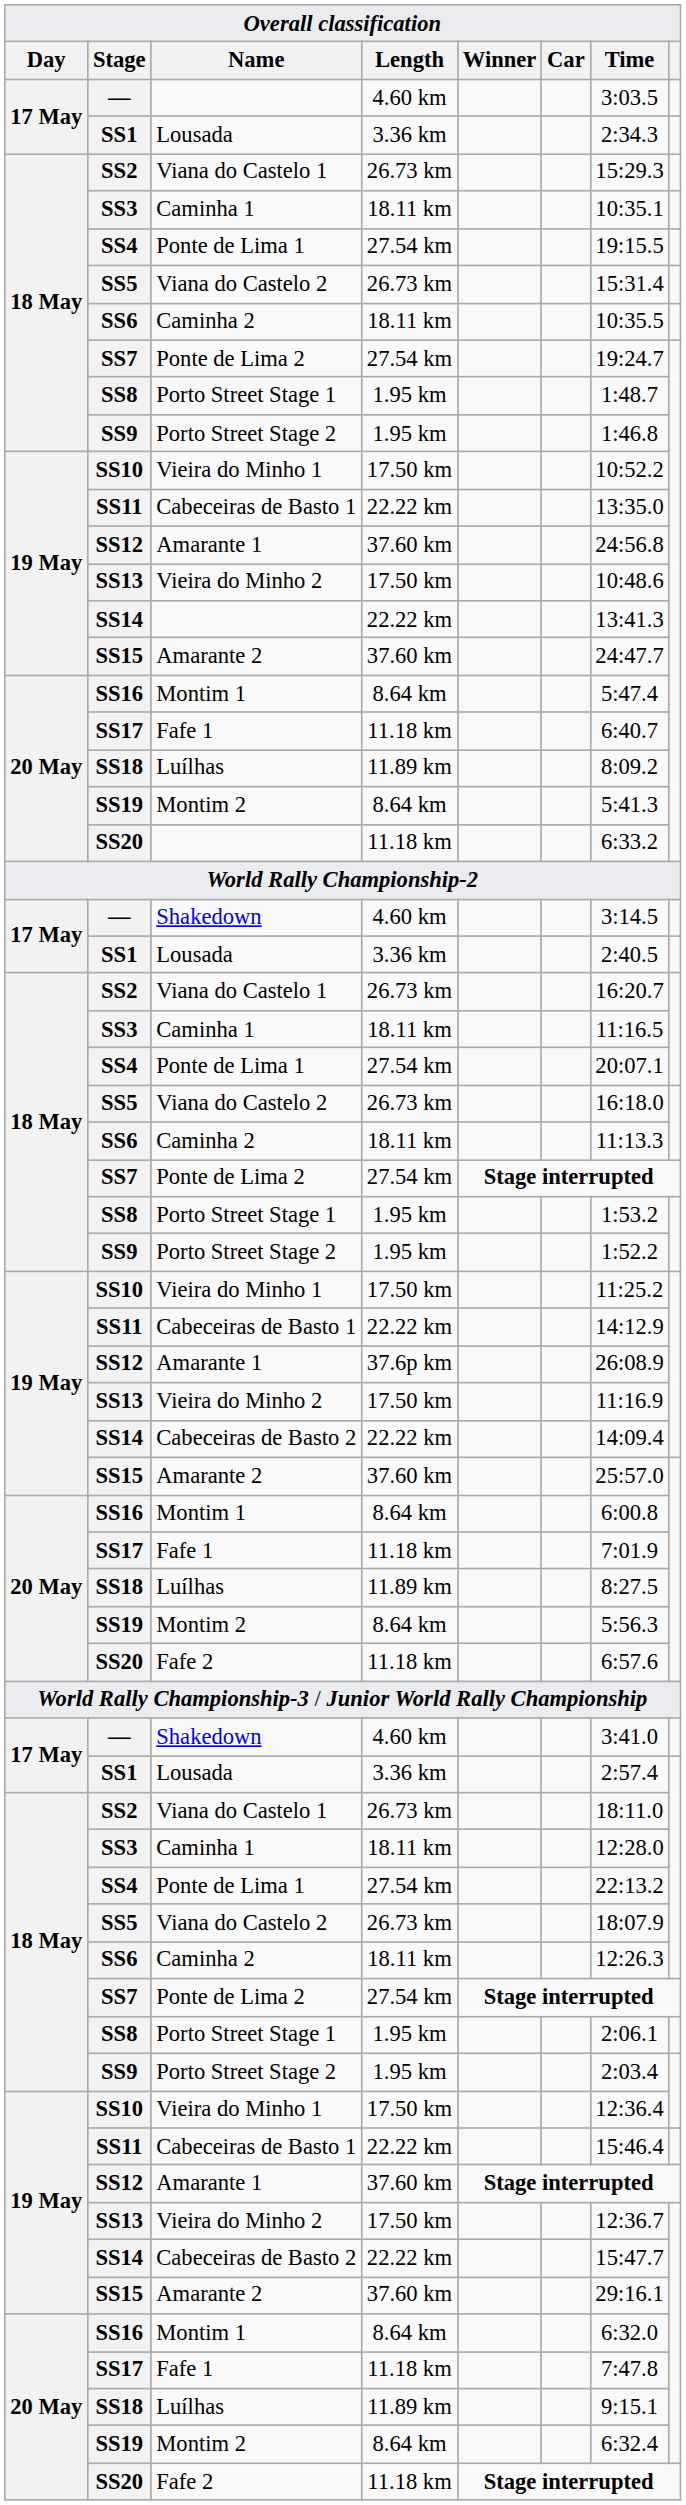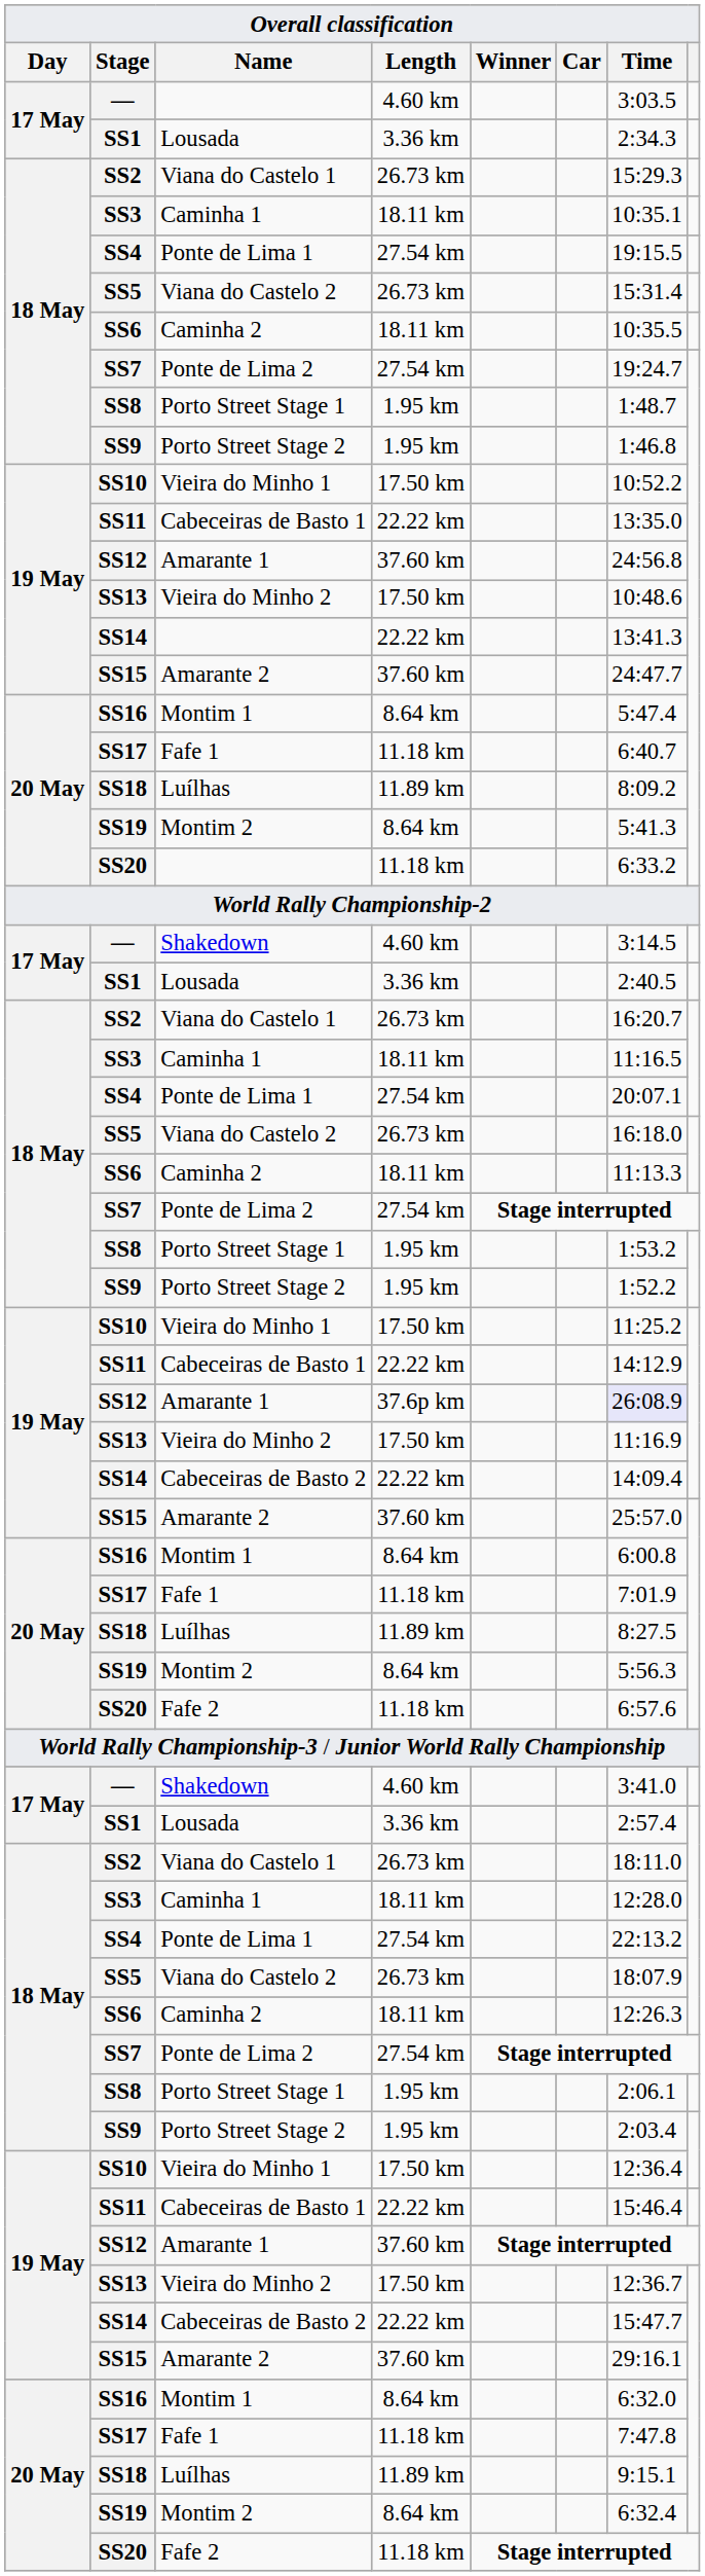 <table class="wikitable" style="font-size: 85%;">
 <tr>
 <td style="background-color:#EAECF0; text-align:center" colspan="8"><strong><em>Overall classification</em></strong></td>
 </tr>
 <tr>
 <th>Day</th>
 <th>Stage</th>
 <th>Name</th>
 <th>Length</th>
 <th>Winner</th>
 <th>Car</th>
 <th>Time</th>
 <th></th>
 </tr>
 <tr>
 <th rowspan="2">17 May</th>
 <th>—</th>
 <td></td>
 <td align="center">4.60 km</td>
 <td></td>
 <td></td>
 <td align="center">3:03.5</td>
 <td></td>
 </tr>
 <tr>
 <th>SS1</th>
 <td>Lousada</td>
 <td align="center">3.36 km</td>
 <td></td>
 <td></td>
 <td align="center">2:34.3</td>
 <td></td>
 </tr>
 <tr>
 <th rowspan="8">18 May</th>
 <th>SS2</th>
 <td>Viana do Castelo 1</td>
 <td align="center">26.73 km</td>
 <td></td>
 <td></td>
 <td align="center">15:29.3</td>
 <td></td>
 </tr>
 <tr>
 <th>SS3</th>
 <td>Caminha 1</td>
 <td align="center">18.11 km</td>
 <td></td>
 <td></td>
 <td align="center">10:35.1</td>
 <td></td>
 </tr>
 <tr>
 <th>SS4</th>
 <td>Ponte de Lima 1</td>
 <td align="center">27.54 km</td>
 <td></td>
 <td></td>
 <td align="center">19:15.5</td>
 <td></td>
 </tr>
 <tr>
 <th>SS5</th>
 <td>Viana do Castelo 2</td>
 <td align="center">26.73 km</td>
 <td></td>
 <td></td>
 <td align="center">15:31.4</td>
 <td></td>
 </tr>
 <tr>
 <th>SS6</th>
 <td>Caminha 2</td>
 <td align="center">18.11 km</td>
 <td> <br> </td>
 <td> <br> </td>
 <td align="center">10:35.5</td>
 <td></td>
 </tr>
 <tr>
 <th>SS7</th>
 <td>Ponte de Lima 2</td>
 <td align="center">27.54 km</td>
 <td></td>
 <td></td>
 <td align="center">19:24.7</td>
 <td rowspan="14"></td>
 </tr>
 <tr>
 <th>SS8</th>
 <td>Porto Street Stage 1</td>
 <td align="center">1.95 km</td>
 <td></td>
 <td></td>
 <td align="center">1:48.7</td>
 </tr>
 <tr>
 <th>SS9</th>
 <td>Porto Street Stage 2</td>
 <td align="center">1.95 km</td>
 <td></td>
 <td></td>
 <td align="center">1:46.8</td>
 </tr>
 <tr>
 <th rowspan="6">19 May</th>
 <th>SS10</th>
 <td>Vieira do Minho 1</td>
 <td align="center">17.50 km</td>
 <td></td>
 <td></td>
 <td align="center">10:52.2</td>
 </tr>
 <tr>
 <th>SS11</th>
 <td>Cabeceiras de Basto 1</td>
 <td align="center">22.22 km</td>
 <td></td>
 <td></td>
 <td align="center">13:35.0</td>
 </tr>
 <tr>
 <th>SS12</th>
 <td>Amarante 1</td>
 <td align="center">37.60 km</td>
 <td></td>
 <td></td>
 <td align="center">24:56.8</td>
 </tr>
 <tr>
 <th>SS13</th>
 <td>Vieira do Minho 2</td>
 <td align="center">17.50 km</td>
 <td></td>
 <td></td>
 <td align="center">10:48.6</td>
 </tr>
 <tr>
 <th>SS14</th>
 <td></td>
 <td align="center">22.22 km</td>
 <td></td>
 <td></td>
 <td align="center">13:41.3</td>
 </tr>
 <tr>
 <th>SS15</th>
 <td>Amarante 2</td>
 <td align="center">37.60 km</td>
 <td></td>
 <td></td>
 <td align="center">24:47.7</td>
 </tr>
 <tr>
 <th rowspan="5">20 May</th>
 <th>SS16</th>
 <td>Montim 1</td>
 <td align="center">8.64 km</td>
 <td></td>
 <td></td>
 <td align="center">5:47.4</td>
 </tr>
 <tr>
 <th>SS17</th>
 <td>Fafe 1</td>
 <td align="center">11.18 km</td>
 <td></td>
 <td></td>
 <td align="center">6:40.7</td>
 </tr>
 <tr>
 <th>SS18</th>
 <td>Luílhas</td>
 <td align="center">11.89 km</td>
 <td></td>
 <td></td>
 <td align="center">8:09.2</td>
 </tr>
 <tr>
 <th>SS19</th>
 <td>Montim 2</td>
 <td align="center">8.64 km</td>
 <td></td>
 <td></td>
 <td align="center">5:41.3</td>
 </tr>
 <tr>
 <th>SS20</th>
 <td></td>
 <td align="center">11.18 km</td>
 <td></td>
 <td></td>
 <td align="center">6:33.2</td>
 </tr>
 <tr>
 <td style="background-color:#EAECF0; text-align:center" colspan="8"><strong><em>World Rally Championship-2</em></strong></td>
 </tr>
 <tr>
 <th rowspan="2">17 May</th>
 <th>—</th>
 <td><a href='#'>Shakedown</a></td>
 <td align="center">4.60 km</td>
 <td></td>
 <td></td>
 <td align="center">3:14.5</td>
 <td></td>
 </tr>
 <tr>
 <th>SS1</th>
 <td>Lousada</td>
 <td align="center">3.36 km</td>
 <td></td>
 <td></td>
 <td align="center">2:40.5</td>
 <td></td>
 </tr>
 <tr>
 <th rowspan="8">18 May</th>
 <th>SS2</th>
 <td>Viana do Castelo 1</td>
 <td align="center">26.73 km</td>
 <td></td>
 <td></td>
 <td align="center">16:20.7</td>
 <td rowspan="3"></td>
 </tr>
 <tr>
 <th>SS3</th>
 <td>Caminha 1</td>
 <td align="center">18.11 km</td>
 <td></td>
 <td></td>
 <td align="center">11:16.5</td>
 </tr>
 <tr>
 <th>SS4</th>
 <td>Ponte de Lima 1</td>
 <td align="center">27.54 km</td>
 <td></td>
 <td></td>
 <td align="center">20:07.1</td>
 </tr>
 <tr>
 <th>SS5</th>
 <td>Viana do Castelo 2</td>
 <td align="center">26.73 km</td>
 <td></td>
 <td></td>
 <td align="center">16:18.0</td>
 <td rowspan="2"></td>
 </tr>
 <tr>
 <th>SS6</th>
 <td>Caminha 2</td>
 <td align="center">18.11 km</td>
 <td></td>
 <td></td>
 <td align="center">11:13.3</td>
 </tr>
 <tr>
 <th>SS7</th>
 <td>Ponte de Lima 2</td>
 <td align="center">27.54 km</td>
 <td colspan="4" align="center"><strong>Stage interrupted</strong></td>
 </tr>
 <tr>
 <th>SS8</th>
 <td>Porto Street Stage 1</td>
 <td align="center">1.95 km</td>
 <td></td>
 <td></td>
 <td align="center">1:53.2</td>
 <td rowspan="2"></td>
 </tr>
 <tr>
 <th>SS9</th>
 <td>Porto Street Stage 2</td>
 <td align="center">1.95 km</td>
 <td></td>
 <td></td>
 <td align="center">1:52.2</td>
 </tr>
 <tr>
 <th rowspan="6">19 May</th>
 <th>SS10</th>
 <td>Vieira do Minho 1</td>
 <td align="center">17.50 km</td>
 <td></td>
 <td></td>
 <td align="center">11:25.2</td>
 <td rowspan="5"></td>
 </tr>
 <tr>
 <th>SS11</th>
 <td>Cabeceiras de Basto 1</td>
 <td align="center">22.22 km</td>
 <td></td>
 <td></td>
 <td align="center">14:12.9</td>
 </tr>
 <tr>
 <th>SS12</th>
 <td>Amarante 1</td>
 <td align="center">37.6p km</td>
 <td></td>
 <td></td>
-<td align="center">26:08.9</td>
+<td align="center" style="background: lavender;">26:08.9</td>
 </tr>
 <tr>
 <th>SS13</th>
 <td>Vieira do Minho 2</td>
 <td align="center">17.50 km</td>
 <td></td>
 <td></td>
 <td align="center">11:16.9</td>
 </tr>
 <tr>
 <th>SS14</th>
 <td>Cabeceiras de Basto 2</td>
 <td align="center">22.22 km</td>
 <td></td>
 <td></td>
 <td align="center">14:09.4</td>
 </tr>
 <tr>
 <th>SS15</th>
 <td>Amarante 2</td>
 <td align="center">37.60 km</td>
 <td></td>
 <td></td>
 <td align="center">25:57.0</td>
 <td rowspan="6"></td>
 </tr>
 <tr>
 <th rowspan="5">20 May</th>
 <th>SS16</th>
 <td>Montim 1</td>
 <td align="center">8.64 km</td>
 <td></td>
 <td></td>
 <td align="center">6:00.8</td>
 </tr>
 <tr>
 <th>SS17</th>
 <td>Fafe 1</td>
 <td align="center">11.18 km</td>
 <td></td>
 <td></td>
 <td align="center">7:01.9</td>
 </tr>
 <tr>
 <th>SS18</th>
 <td>Luílhas</td>
 <td align="center">11.89 km</td>
 <td></td>
 <td></td>
 <td align="center">8:27.5</td>
 </tr>
 <tr>
 <th>SS19</th>
 <td>Montim 2</td>
 <td align="center">8.64 km</td>
 <td></td>
 <td></td>
 <td align="center">5:56.3</td>
 </tr>
 <tr>
 <th>SS20</th>
 <td>Fafe 2</td>
 <td align="center">11.18 km</td>
 <td></td>
 <td></td>
 <td align="center">6:57.6</td>
 </tr>
 <tr>
 <td style="background-color:#EAECF0; text-align:center" colspan="8"><strong><em>World Rally Championship-3</em></strong> / <strong><em>Junior World Rally Championship</em></strong></td>
 </tr>
 <tr>
 <th rowspan="2">17 May</th>
 <th>—</th>
 <td><a href='#'>Shakedown</a></td>
 <td align="center">4.60 km</td>
 <td></td>
 <td></td>
 <td align="center">3:41.0</td>
 <td></td>
 </tr>
 <tr>
 <th>SS1</th>
 <td>Lousada</td>
 <td align="center">3.36 km</td>
 <td></td>
 <td></td>
 <td align="center">2:57.4</td>
 <td rowspan="6"></td>
 </tr>
 <tr>
 <th rowspan="8">18 May</th>
 <th>SS2</th>
 <td>Viana do Castelo 1</td>
 <td align="center">26.73 km</td>
 <td></td>
 <td></td>
 <td align="center">18:11.0</td>
 </tr>
 <tr>
 <th>SS3</th>
 <td>Caminha 1</td>
 <td align="center">18.11 km</td>
 <td></td>
 <td></td>
 <td align="center">12:28.0</td>
 </tr>
 <tr>
 <th>SS4</th>
 <td>Ponte de Lima 1</td>
 <td align="center">27.54 km</td>
 <td></td>
 <td></td>
 <td align="center">22:13.2</td>
 </tr>
 <tr>
 <th>SS5</th>
 <td>Viana do Castelo 2</td>
 <td align="center">26.73 km</td>
 <td></td>
 <td></td>
 <td align="center">18:07.9</td>
 </tr>
 <tr>
 <th>SS6</th>
 <td>Caminha 2</td>
 <td align="center">18.11 km</td>
 <td></td>
 <td></td>
 <td align="center">12:26.3</td>
 </tr>
 <tr>
 <th>SS7</th>
 <td>Ponte de Lima 2</td>
 <td align="center">27.54 km</td>
 <td colspan="4" align="center"><strong>Stage interrupted</strong></td>
 </tr>
 <tr>
 <th>SS8</th>
 <td>Porto Street Stage 1</td>
 <td align="center">1.95 km</td>
 <td> <br> </td>
 <td></td>
 <td align="center">2:06.1</td>
 <td></td>
 </tr>
 <tr>
 <th>SS9</th>
 <td>Porto Street Stage 2</td>
 <td align="center">1.95 km</td>
 <td></td>
 <td></td>
 <td align="center">2:03.4</td>
 <td rowspan="2"></td>
 </tr>
 <tr>
 <th rowspan="6">19 May</th>
 <th>SS10</th>
 <td>Vieira do Minho 1</td>
 <td align="center">17.50 km</td>
 <td></td>
 <td></td>
 <td align="center">12:36.4</td>
 </tr>
 <tr>
 <th>SS11</th>
 <td>Cabeceiras de Basto 1</td>
 <td align="center">22.22 km</td>
 <td></td>
 <td></td>
 <td align="center">15:46.4</td>
 <td></td>
 </tr>
 <tr>
 <th>SS12</th>
 <td>Amarante 1</td>
 <td align="center">37.60 km</td>
 <td colspan="4" align="center"><strong>Stage interrupted</strong></td>
 </tr>
 <tr>
 <th>SS13</th>
 <td>Vieira do Minho 2</td>
 <td align="center">17.50 km</td>
 <td></td>
 <td></td>
 <td align="center">12:36.7</td>
 <td rowspan="7"></td>
 </tr>
 <tr>
 <th>SS14</th>
 <td>Cabeceiras de Basto 2</td>
 <td align="center">22.22 km</td>
 <td></td>
 <td></td>
 <td align="center">15:47.7</td>
 </tr>
 <tr>
 <th>SS15</th>
 <td>Amarante 2</td>
 <td align="center">37.60 km</td>
 <td></td>
 <td></td>
 <td align="center">29:16.1</td>
 </tr>
 <tr>
 <th rowspan="5">20 May</th>
 <th>SS16</th>
 <td>Montim 1</td>
 <td align="center">8.64 km</td>
 <td></td>
 <td></td>
 <td align="center">6:32.0</td>
 </tr>
 <tr>
 <th>SS17</th>
 <td>Fafe 1</td>
 <td align="center">11.18 km</td>
 <td></td>
 <td></td>
 <td align="center">7:47.8</td>
 </tr>
 <tr>
 <th>SS18</th>
 <td>Luílhas</td>
 <td align="center">11.89 km</td>
 <td></td>
 <td></td>
 <td align="center">9:15.1</td>
 </tr>
 <tr>
 <th>SS19</th>
 <td>Montim 2</td>
 <td align="center">8.64 km</td>
 <td></td>
 <td></td>
 <td align="center">6:32.4</td>
 </tr>
 <tr>
 <th>SS20</th>
 <td>Fafe 2</td>
 <td align="center">11.18 km</td>
 <td colspan="4" align="center"><strong>Stage interrupted</strong></td>
 </tr>
 </table>
